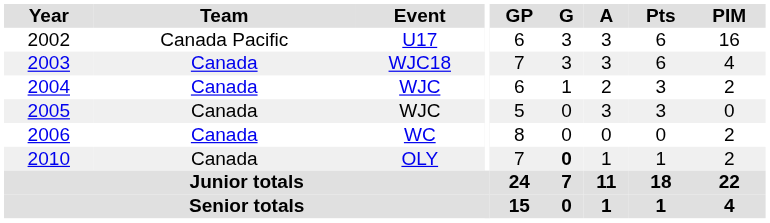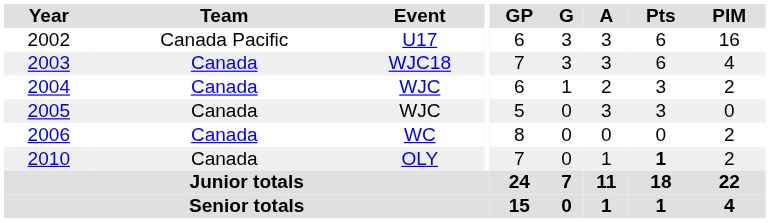 <table border="0" cellpadding="1" cellspacing="0" ID="Table3" style="text-align:center; width:40em">
 <tr bgcolor="#e0e0e0">
 <th>Year</th>
 <th>Team</th>
 <th>Event</th>
 <th rowspan="102" bgcolor="#ffffff"></th>
 <th>GP</th>
 <th>G</th>
 <th>A</th>
 <th>Pts</th>
 <th>PIM</th>
 </tr>
 <tr>
 <td 2002 World U-17 Hockey Challenge>2002</td>
 <td>Canada Pacific</td>
 <td><a href='#'>U17</a></td>
 <td>6</td>
 <td>3</td>
 <td>3</td>
 <td>6</td>
 <td>16</td>
 </tr>
 <tr bgcolor="#f0f0f0">
 <td><a href='#'>2003</a></td>
 <td><a href='#'>Canada</a></td>
 <td><a href='#'>WJC18</a></td>
 <td>7</td>
 <td>3</td>
 <td>3</td>
 <td>6</td>
 <td>4</td>
 </tr>
 <tr>
 <td><a href='#'>2004</a></td>
 <td><a href='#'>Canada</a></td>
 <td><a href='#'>WJC</a></td>
 <td>6</td>
 <td>1</td>
 <td>2</td>
 <td>3</td>
 <td>2</td>
 </tr>
 <tr bgcolor="#f0f0f0">
 <td><a href='#'>2005</a></td>
 <td>Canada</td>
 <td>WJC</td>
 <td>5</td>
 <td>0</td>
 <td>3</td>
 <td>3</td>
 <td>0</td>
 </tr>
 <tr>
 <td><a href='#'>2006</a></td>
 <td><a href='#'>Canada</a></td>
 <td><a href='#'>WC</a></td>
 <td>8</td>
 <td>0</td>
 <td>0</td>
 <td>0</td>
 <td>2</td>
 </tr>
 <tr bgcolor="#f0f0f0">
 <td><a href='#'>2010</a></td>
 <td>Canada</td>
 <td><a href='#'>OLY</a></td>
 <td>7</td>
-<td><strong>0</strong></td>
+<td>0</td>
 <td>1</td>
-<td>1</td>
+<td><strong>1</strong></td>
 <td>2</td>
 </tr>
 <tr bgcolor="#e0e0e0">
 <th colspan=4>Junior totals</th>
 <th>24</th>
 <th>7</th>
 <th>11</th>
 <th>18</th>
 <th>22</th>
 </tr>
 <tr bgcolor="#e0e0e0">
 <th colspan=4>Senior totals</th>
 <th>15</th>
 <th>0</th>
 <th>1</th>
 <th>1</th>
 <th>4</th>
 </tr>
 </table>
